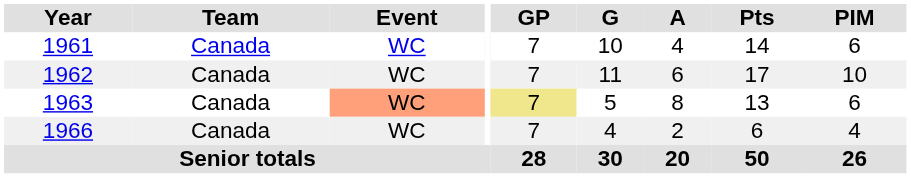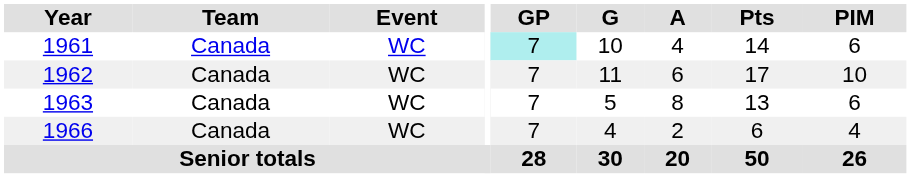 <table border="0" cellpadding="1" cellspacing="0" ID="Table3" style="text-align:center; width:40em">
 <tr bgcolor="#e0e0e0">
 <th>Year</th>
 <th>Team</th>
 <th>Event</th>
 <th rowspan="102" bgcolor="#ffffff"></th>
 <th>GP</th>
 <th>G</th>
 <th>A</th>
 <th>Pts</th>
 <th>PIM</th>
 </tr>
 <tr>
 <td><a href='#'>1961</a></td>
 <td><a href='#'>Canada</a></td>
 <td><a href='#'>WC</a></td>
-<td>7</td>
+<td style="background: paleturquoise;">7</td>
 <td>10</td>
 <td>4</td>
 <td>14</td>
 <td>6</td>
 </tr>
 <tr bgcolor="#f0f0f0">
 <td><a href='#'>1962</a></td>
 <td>Canada</td>
 <td>WC</td>
 <td>7</td>
 <td>11</td>
 <td>6</td>
 <td>17</td>
 <td>10</td>
 </tr>
 <tr>
 <td><a href='#'>1963</a></td>
 <td>Canada</td>
-<td style="background: lightsalmon;">WC</td>
-<td style="background: khaki;">7</td>
+<td>WC</td>
+<td>7</td>
 <td>5</td>
 <td>8</td>
 <td>13</td>
 <td>6</td>
 </tr>
 <tr bgcolor="#f0f0f0">
 <td><a href='#'>1966</a></td>
 <td>Canada</td>
 <td>WC</td>
 <td>7</td>
 <td>4</td>
 <td>2</td>
 <td>6</td>
 <td>4</td>
 </tr>
 <tr bgcolor="#e0e0e0">
 <th colspan="4">Senior totals</th>
 <th>28</th>
 <th>30</th>
 <th>20</th>
 <th>50</th>
 <th>26</th>
 </tr>
 </table>
